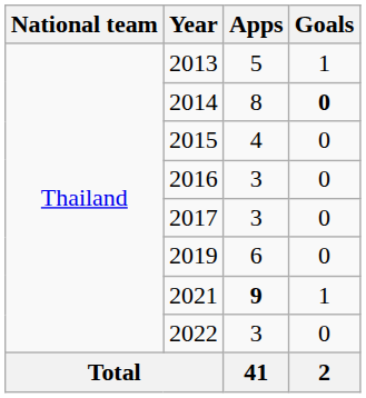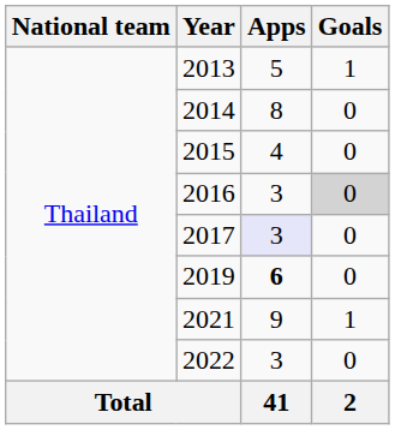 <table class="wikitable" style="text-align:center">
 <tr>
 <th>National team</th>
 <th>Year</th>
 <th>Apps</th>
 <th>Goals</th>
 </tr>
 <tr>
 <td rowspan="8"><a href='#'>Thailand</a></td>
 <td>2013</td>
 <td>5</td>
 <td>1</td>
 </tr>
 <tr>
 <td>2014</td>
 <td>8</td>
-<td><strong>0</strong></td>
+<td>0</td>
 </tr>
 <tr>
 <td>2015</td>
 <td>4</td>
 <td>0</td>
 </tr>
 <tr>
 <td>2016</td>
 <td>3</td>
-<td>0</td>
+<td style="background: lightgrey;">0</td>
 </tr>
 <tr>
 <td>2017</td>
-<td>3</td>
+<td style="background: lavender;">3</td>
 <td>0</td>
 </tr>
 <tr>
 <td>2019</td>
-<td>6</td>
+<td><strong>6</strong></td>
 <td>0</td>
 </tr>
 <tr>
 <td>2021</td>
-<td><strong>9</strong></td>
+<td>9</td>
 <td>1</td>
 </tr>
 <tr>
 <td>2022</td>
 <td>3</td>
 <td>0</td>
 </tr>
 <tr>
 <th colspan="2">Total</th>
 <th>41</th>
 <th>2</th>
 </tr>
 </table>
